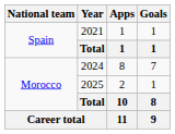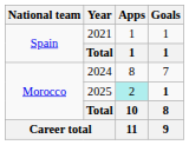 <table class="wikitable" style="text-align:center">
 <tr>
 <th>National team</th>
 <th>Year</th>
 <th>Apps</th>
 <th>Goals</th>
 </tr>
 <tr>
 <td rowspan="2"><a href='#'>Spain</a></td>
 <td>2021</td>
 <td>1</td>
 <td>1</td>
 </tr>
 <tr>
 <th>Total</th>
 <th>1</th>
 <th>1</th>
 </tr>
 <tr>
 <td rowspan="3"><a href='#'>Morocco</a></td>
 <td>2024</td>
 <td>8</td>
 <td>7</td>
 </tr>
 <tr>
 <td>2025</td>
-<td>2</td>
-<td>1</td>
+<td style="background: paleturquoise;">2</td>
+<td><strong>1</strong></td>
 </tr>
 <tr>
 <th>Total</th>
 <th>10</th>
 <th>8</th>
 </tr>
 <tr>
 <th colspan="2">Career total</th>
 <th>11</th>
 <th>9</th>
 </tr>
 </table>
